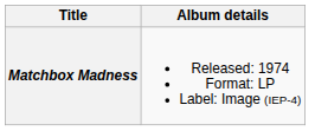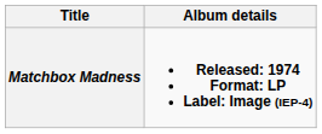 <table class="wikitable plainrowheaders" style="text-align:center;" border="1">
 <tr>
 <th>Title</th>
 <th>Album details</th>
 </tr>
 <tr>
 <th scope="row"><em>Matchbox Madness</em></th>
-<td><br><ul><li>Released: 1974</li><li>Format: LP</li><li>Label: Image <small>(IEP-4)</small></li></ul></td>
+<td><strong><br><ul><li>Released: 1974</li><li>Format: LP</li><li>Label: Image <small>(IEP-4)</small></li></ul></strong></td>
 </tr>
 </table>
